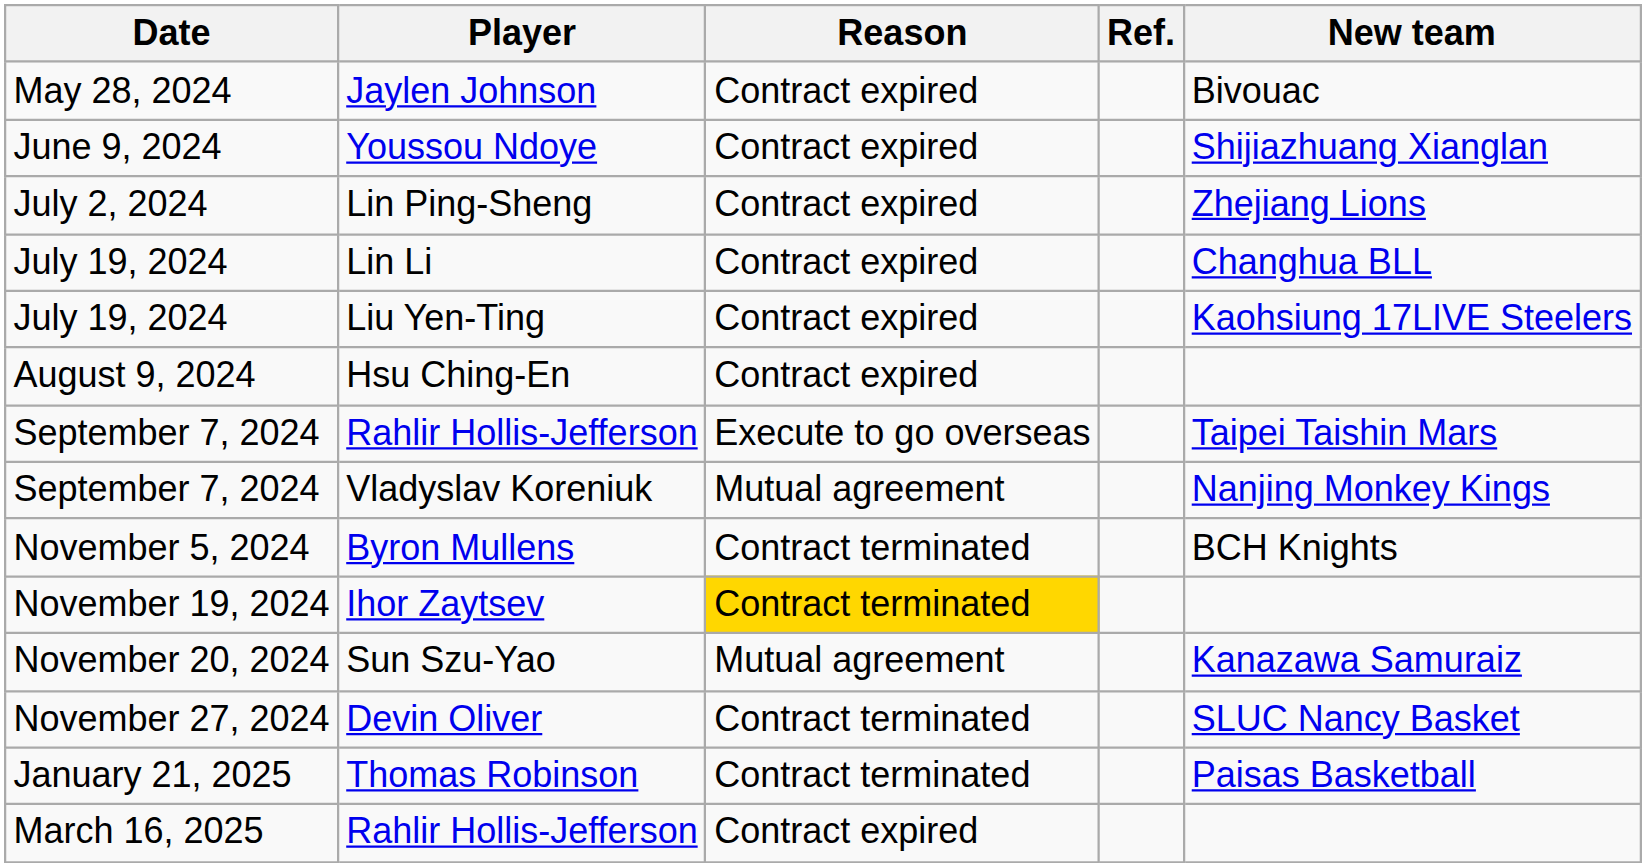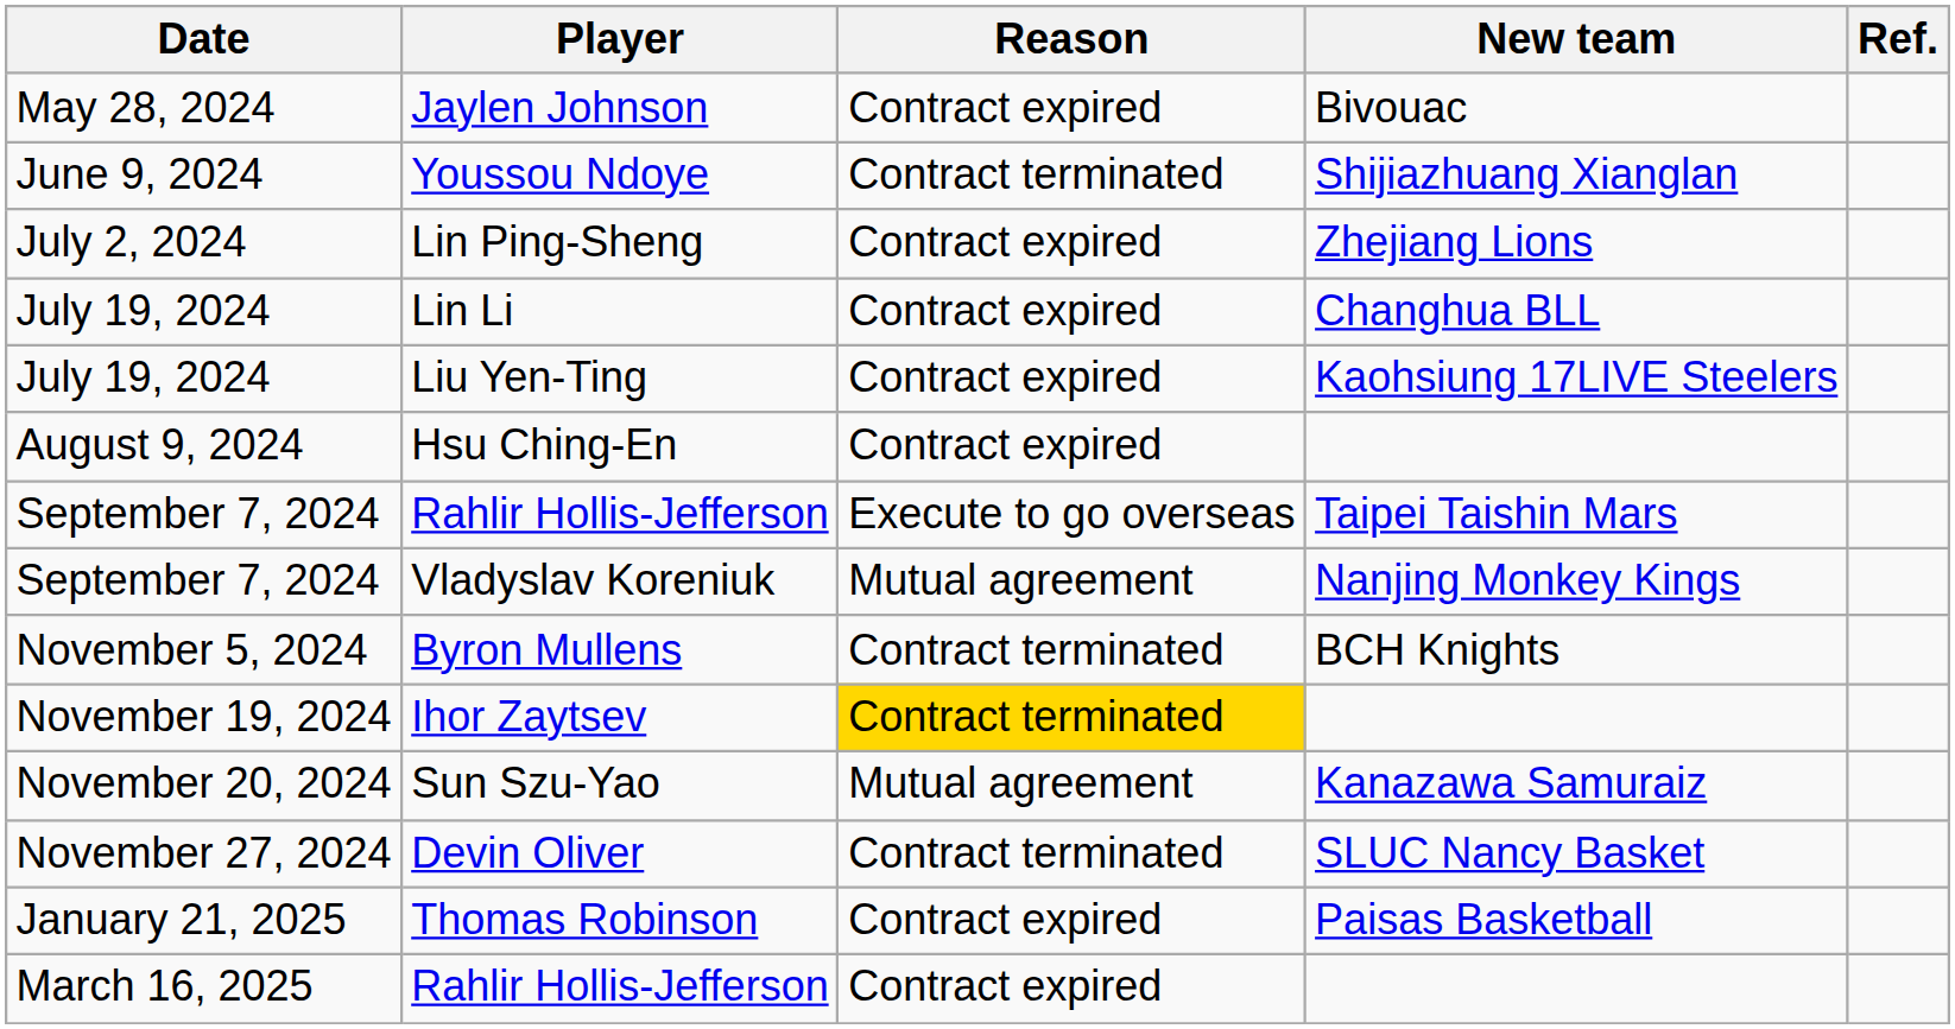 <table class="wikitable">
 <tr>
 <th>Date</th>
 <th>Player</th>
 <th>Reason</th>
+<th>New team</th>
 <th>Ref.</th>
-<th>New team</th>
 </tr>
 <tr>
 <td>May 28, 2024</td>
 <td><a href='#'>Jaylen Johnson</a></td>
 <td>Contract expired</td>
+<td> Bivouac</td>
 <td></td>
-<td> Bivouac</td>
 </tr>
 <tr>
 <td>June 9, 2024</td>
 <td><a href='#'>Youssou Ndoye</a></td>
-<td>Contract expired</td>
+<td>Contract terminated</td>
+<td> <a href='#'>Shijiazhuang Xianglan</a></td>
 <td></td>
-<td> <a href='#'>Shijiazhuang Xianglan</a></td>
 </tr>
 <tr>
 <td>July 2, 2024</td>
 <td>Lin Ping-Sheng</td>
 <td>Contract expired</td>
+<td> <a href='#'>Zhejiang Lions</a></td>
 <td></td>
-<td> <a href='#'>Zhejiang Lions</a></td>
 </tr>
 <tr>
 <td>July 19, 2024</td>
 <td>Lin Li</td>
 <td>Contract expired</td>
+<td> <a href='#'>Changhua BLL</a></td>
 <td></td>
-<td> <a href='#'>Changhua BLL</a></td>
 </tr>
 <tr>
 <td>July 19, 2024</td>
 <td>Liu Yen-Ting</td>
 <td>Contract expired</td>
+<td> <a href='#'>Kaohsiung 17LIVE Steelers</a></td>
 <td></td>
-<td> <a href='#'>Kaohsiung 17LIVE Steelers</a></td>
 </tr>
 <tr>
 <td>August 9, 2024</td>
 <td>Hsu Ching-En</td>
 <td>Contract expired</td>
 <td></td>
 <td></td>
 </tr>
 <tr>
 <td>September 7, 2024</td>
 <td><a href='#'>Rahlir Hollis-Jefferson</a></td>
 <td>Execute to go overseas</td>
+<td> <a href='#'>Taipei Taishin Mars</a></td>
 <td></td>
-<td> <a href='#'>Taipei Taishin Mars</a></td>
 </tr>
 <tr>
 <td>September 7, 2024</td>
 <td>Vladyslav Koreniuk</td>
 <td>Mutual agreement</td>
+<td> <a href='#'>Nanjing Monkey Kings</a></td>
 <td></td>
-<td> <a href='#'>Nanjing Monkey Kings</a></td>
 </tr>
 <tr>
 <td>November 5, 2024</td>
 <td><a href='#'>Byron Mullens</a></td>
 <td>Contract terminated</td>
+<td> BCH Knights</td>
 <td></td>
-<td> BCH Knights</td>
 </tr>
 <tr>
 <td>November 19, 2024</td>
 <td><a href='#'>Ihor Zaytsev</a></td>
 <td style="background: gold;">Contract terminated</td>
 <td></td>
 <td></td>
 </tr>
 <tr>
 <td>November 20, 2024</td>
 <td>Sun Szu-Yao</td>
 <td>Mutual agreement</td>
+<td> <a href='#'>Kanazawa Samuraiz</a></td>
 <td></td>
-<td> <a href='#'>Kanazawa Samuraiz</a></td>
 </tr>
 <tr>
 <td>November 27, 2024</td>
 <td><a href='#'>Devin Oliver</a></td>
 <td>Contract terminated</td>
+<td> <a href='#'>SLUC Nancy Basket</a></td>
 <td></td>
-<td> <a href='#'>SLUC Nancy Basket</a></td>
 </tr>
 <tr>
 <td>January 21, 2025</td>
 <td><a href='#'>Thomas Robinson</a></td>
-<td>Contract terminated</td>
+<td>Contract expired</td>
+<td> <a href='#'>Paisas Basketball</a></td>
 <td></td>
-<td> <a href='#'>Paisas Basketball</a></td>
 </tr>
 <tr>
 <td>March 16, 2025</td>
 <td><a href='#'>Rahlir Hollis-Jefferson</a></td>
 <td>Contract expired</td>
 <td></td>
 <td></td>
 </tr>
 </table>
